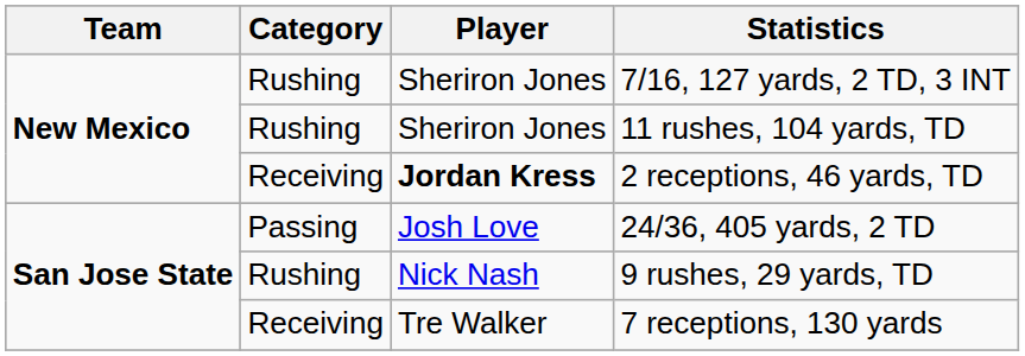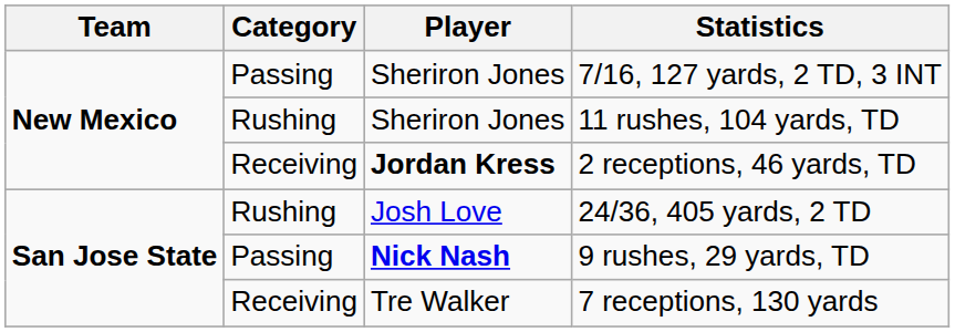 <table class="wikitable" style="float: left;">
 <tr>
 <th>Team</th>
 <th>Category</th>
 <th>Player</th>
 <th>Statistics</th>
 </tr>
 <tr>
 <td rowspan=3><strong>New Mexico</strong></td>
-<td>Rushing</td>
+<td>Passing</td>
 <td>Sheriron Jones</td>
 <td>7/16, 127 yards, 2 TD, 3 INT</td>
 </tr>
 <tr>
 <td>Rushing</td>
 <td>Sheriron Jones</td>
 <td>11 rushes, 104 yards, TD</td>
 </tr>
 <tr>
 <td>Receiving</td>
 <td><strong>Jordan Kress</strong></td>
 <td>2 receptions, 46 yards, TD</td>
 </tr>
 <tr>
 <td rowspan=3><strong>San Jose State</strong></td>
-<td>Passing</td>
+<td>Rushing</td>
 <td><a href='#'>Josh Love</a></td>
 <td>24/36, 405 yards, 2 TD</td>
 </tr>
 <tr>
-<td>Rushing</td>
-<td><a href='#'>Nick Nash</a></td>
+<td>Passing</td>
+<td><strong><a href='#'>Nick Nash</a></strong></td>
 <td>9 rushes, 29 yards, TD</td>
 </tr>
 <tr>
 <td>Receiving</td>
 <td>Tre Walker</td>
 <td>7 receptions, 130 yards</td>
 </tr>
 </table>
